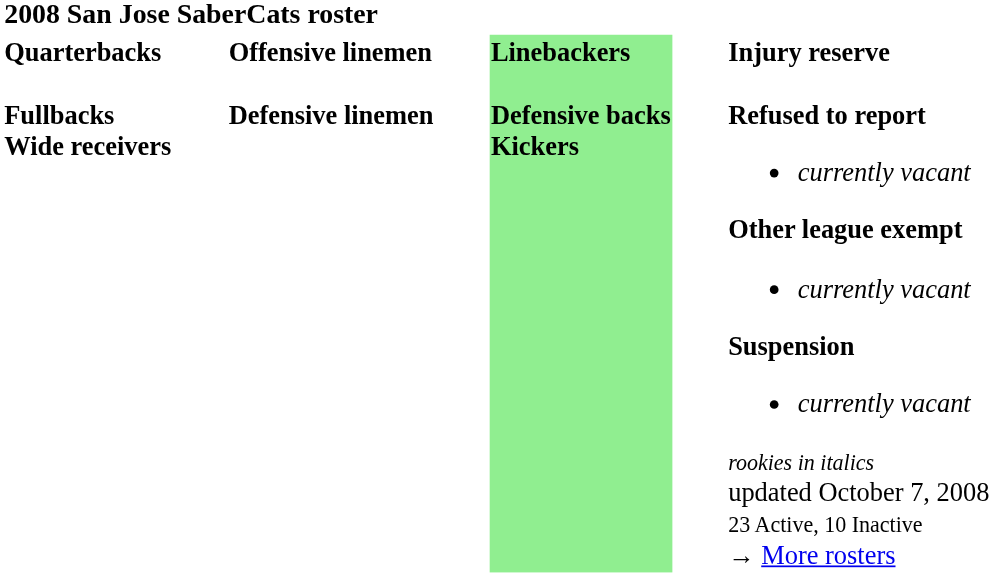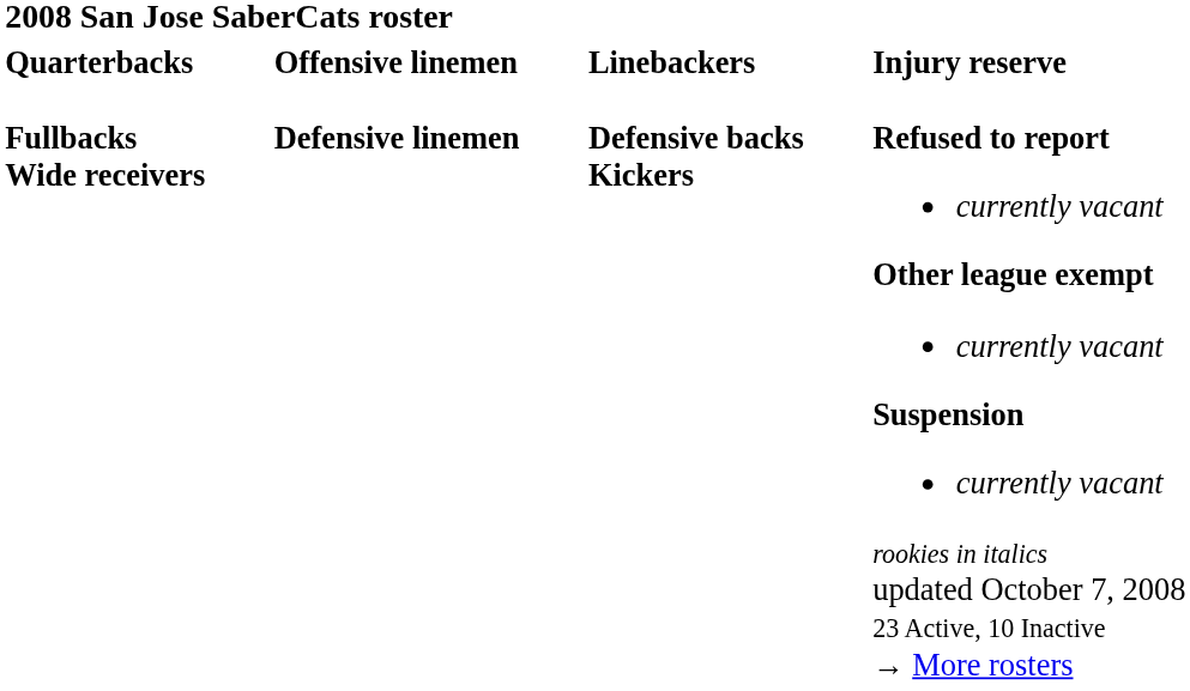 <table class="toccolours" style="text-align: left;">
 <tr>
 <th colspan="7"><strong>2008 San Jose SaberCats roster</strong></th>
 </tr>
 <tr>
 <td style="font-size: 95%;" valign="top"><strong>Quarterbacks</strong><br> <br><strong>Fullbacks</strong> <br><strong>Wide receivers</strong>    </td>
 <td style="width: 25px;"></td>
 <td style="font-size: 95%;" valign="top"><strong>Offensive linemen</strong><br>   <br><strong>Defensive linemen</strong>     </td>
 <td style="width: 25px;"></td>
-<td style="background: lightgreen; font-size: 95%;" valign="top"><strong>Linebackers</strong><br> <br><strong>Defensive backs</strong>    <br><strong>Kickers</strong> </td>
+<td style="font-size: 95%;" valign="top"><strong>Linebackers</strong><br> <br><strong>Defensive backs</strong>    <br><strong>Kickers</strong> </td>
 <td style="width: 25px;"></td>
 <td style="font-size: 95%;" valign="top"><strong>Injury reserve</strong><br>         <br><strong>Refused to report</strong><ul><li><em>currently vacant</em></li></ul><strong>Other league exempt</strong><ul><li><em>currently vacant</em></li></ul><strong>Suspension</strong><ul><li><em>currently vacant</em></li></ul><small><em>rookies in italics</em><br></small>  updated October 7, 2008<br> <small>23 Active, 10 Inactive</small><br>→ <a href='#'>More rosters</a></td>
 </tr>
 <tr>
 </tr>
 </table>
